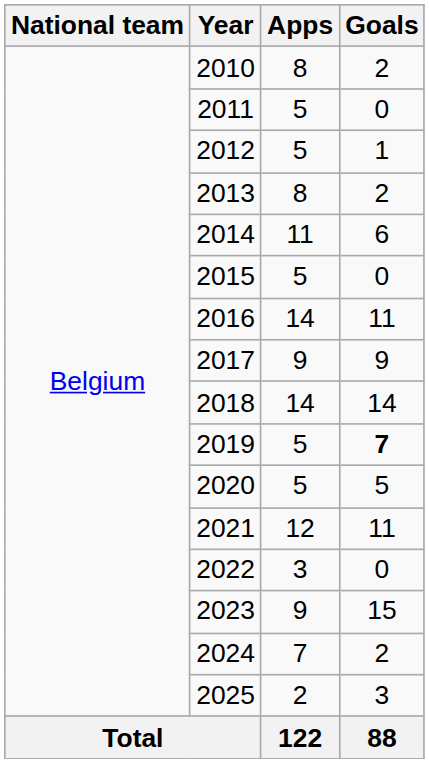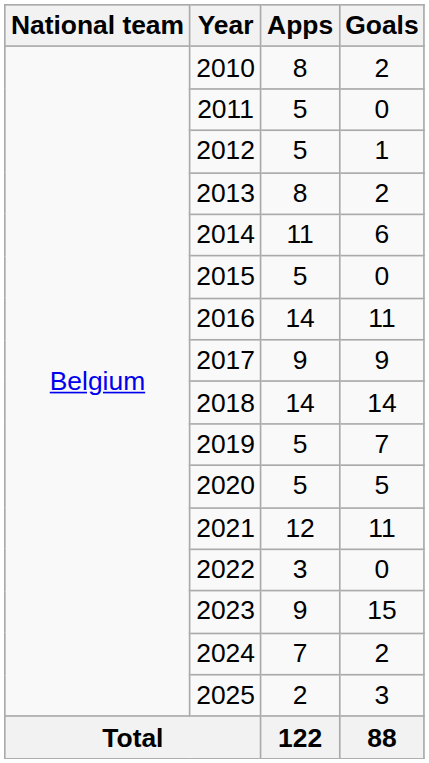 <table class=wikitable style="text-align:center">
 <tr>
 <th>National team</th>
 <th>Year</th>
 <th>Apps</th>
 <th>Goals</th>
 </tr>
 <tr>
 <td rowspan=16><a href='#'>Belgium</a></td>
 <td>2010</td>
 <td>8</td>
 <td>2</td>
 </tr>
 <tr>
 <td>2011</td>
 <td>5</td>
 <td>0</td>
 </tr>
 <tr>
 <td>2012</td>
 <td>5</td>
 <td>1</td>
 </tr>
 <tr>
 <td>2013</td>
 <td>8</td>
 <td>2</td>
 </tr>
 <tr>
 <td>2014</td>
 <td>11</td>
 <td>6</td>
 </tr>
 <tr>
 <td>2015</td>
 <td>5</td>
 <td>0</td>
 </tr>
 <tr>
 <td>2016</td>
 <td>14</td>
 <td>11</td>
 </tr>
 <tr>
 <td>2017</td>
 <td>9</td>
 <td>9</td>
 </tr>
 <tr>
 <td>2018</td>
 <td>14</td>
 <td>14</td>
 </tr>
 <tr>
 <td>2019</td>
 <td>5</td>
-<td><strong>7</strong></td>
+<td>7</td>
 </tr>
 <tr>
 <td>2020</td>
 <td>5</td>
 <td>5</td>
 </tr>
 <tr>
 <td>2021</td>
 <td>12</td>
 <td>11</td>
 </tr>
 <tr>
 <td>2022</td>
 <td>3</td>
 <td>0</td>
 </tr>
 <tr>
 <td>2023</td>
 <td>9</td>
 <td>15</td>
 </tr>
 <tr>
 <td>2024</td>
 <td>7</td>
 <td>2</td>
 </tr>
 <tr>
 <td>2025</td>
 <td>2</td>
 <td>3</td>
 </tr>
 <tr>
 <th colspan=2>Total</th>
 <th>122</th>
 <th>88</th>
 </tr>
 </table>
